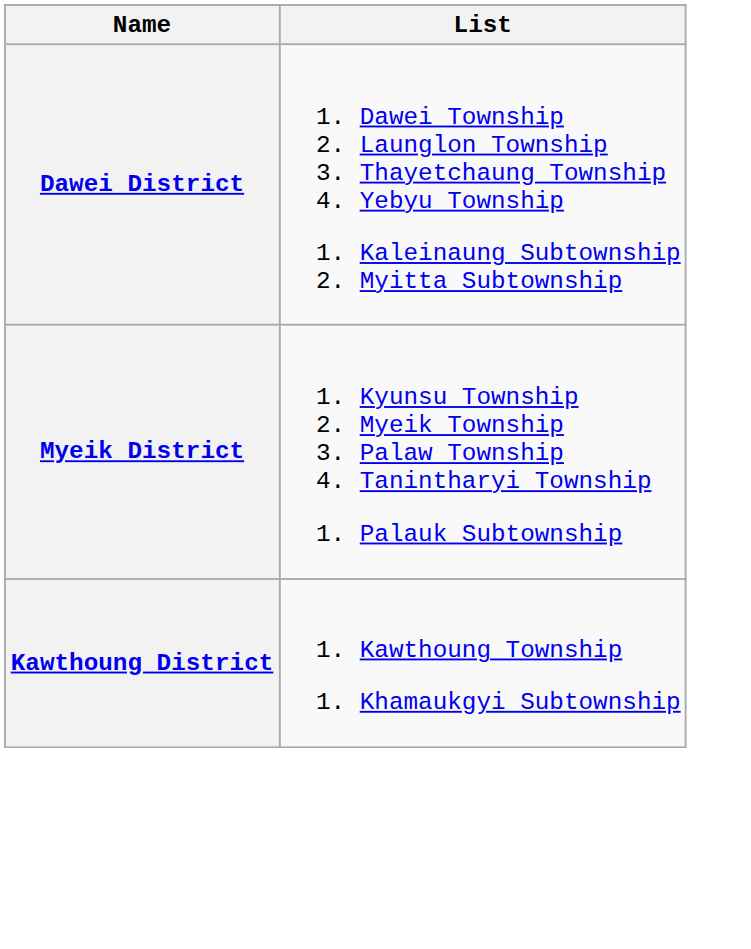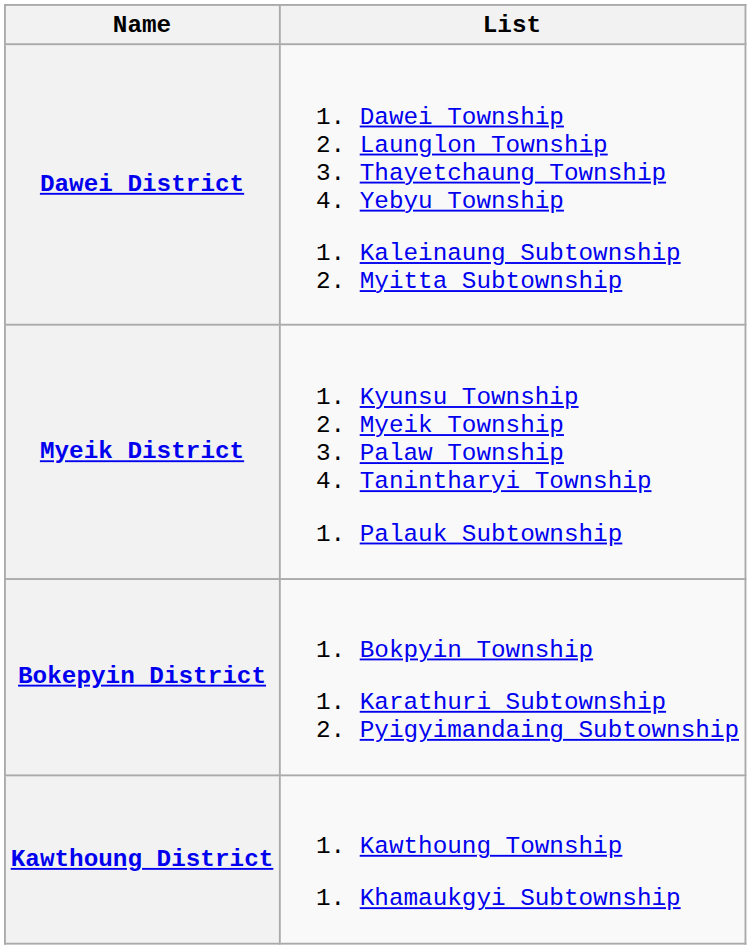 <table class=wikitable>
 <tr>
 <th>Name</th>
 <th>List</th>
 </tr>
 <tr>
 <th><a href='#'>Dawei District</a></th>
 <td><br> <ol><li><a href='#'>Dawei Township</a></li><li><a href='#'>Launglon Township</a></li><li><a href='#'>Thayetchaung Township</a></li><li><a href='#'>Yebyu Township</a></li></ol><ol><li><a href='#'>Kaleinaung Subtownship</a></li><li><a href='#'>Myitta Subtownship</a></li></ol></td>
 </tr>
 <tr>
 <th><a href='#'>Myeik District</a></th>
 <td><br> <ol><li><a href='#'>Kyunsu Township</a></li><li><a href='#'>Myeik Township</a></li><li><a href='#'>Palaw Township</a></li><li><a href='#'>Tanintharyi Township</a></li></ol><ol><li><a href='#'>Palauk Subtownship</a></li></ol></td>
 </tr>
 <tr>
+<th><a href='#'>Bokepyin District</a></th>
+<td><br> <ol><li><a href='#'>Bokpyin Township</a></li></ol><ol><li><a href='#'>Karathuri Subtownship</a></li><li><a href='#'>Pyigyimandaing Subtownship</a></li></ol></td>
+</tr>
+<tr>
 <th><a href='#'>Kawthoung District</a></th>
 <td><br> <ol><li><a href='#'>Kawthoung Township</a></li></ol><ol><li><a href='#'>Khamaukgyi Subtownship</a></li></ol></td>
 </tr>
 </table>
